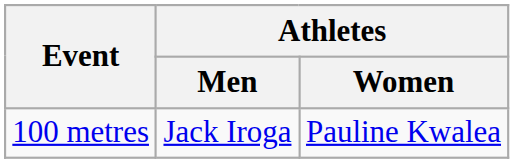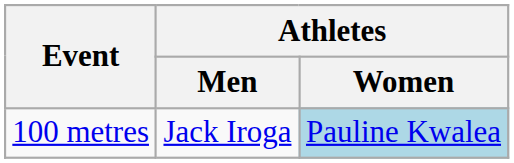 <table class=wikitable style="font-size:90%">
 <tr>
 <th rowspan=2>Event</th>
 <th colspan=2>Athletes</th>
 </tr>
 <tr>
 <th>Men</th>
 <th>Women</th>
 </tr>
 <tr>
 <td><a href='#'>100 metres</a></td>
 <td><a href='#'>Jack Iroga</a></td>
-<td><a href='#'>Pauline Kwalea</a></td>
+<td style="background: lightblue;"><a href='#'>Pauline Kwalea</a></td>
 </tr>
 </table>
